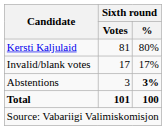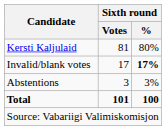 <table class=wikitable style=text-align:right>
 <tr>
 <th rowspan=2>Candidate</th>
 <th colspan=2>Sixth round</th>
 </tr>
 <tr>
 <th>Votes</th>
 <th>%</th>
 </tr>
 <tr>
 <td align=left><a href='#'>Kersti Kaljulaid</a></td>
 <td>81</td>
 <td>80%</td>
 </tr>
 <tr>
 <td align=left>Invalid/blank votes</td>
 <td>17</td>
-<td>17%</td>
+<td><strong>17%</strong></td>
 </tr>
 <tr>
 <td align=left>Abstentions</td>
 <td>3</td>
-<td><strong>3%</strong></td>
+<td>3%</td>
 </tr>
 <tr>
 <td align=left><strong>Total</strong></td>
 <td><strong>101</strong></td>
 <td><strong>100</strong></td>
 </tr>
 <tr>
 <td align=left colspan=4>Source: Vabariigi Valimiskomisjon</td>
 </tr>
 </table>
